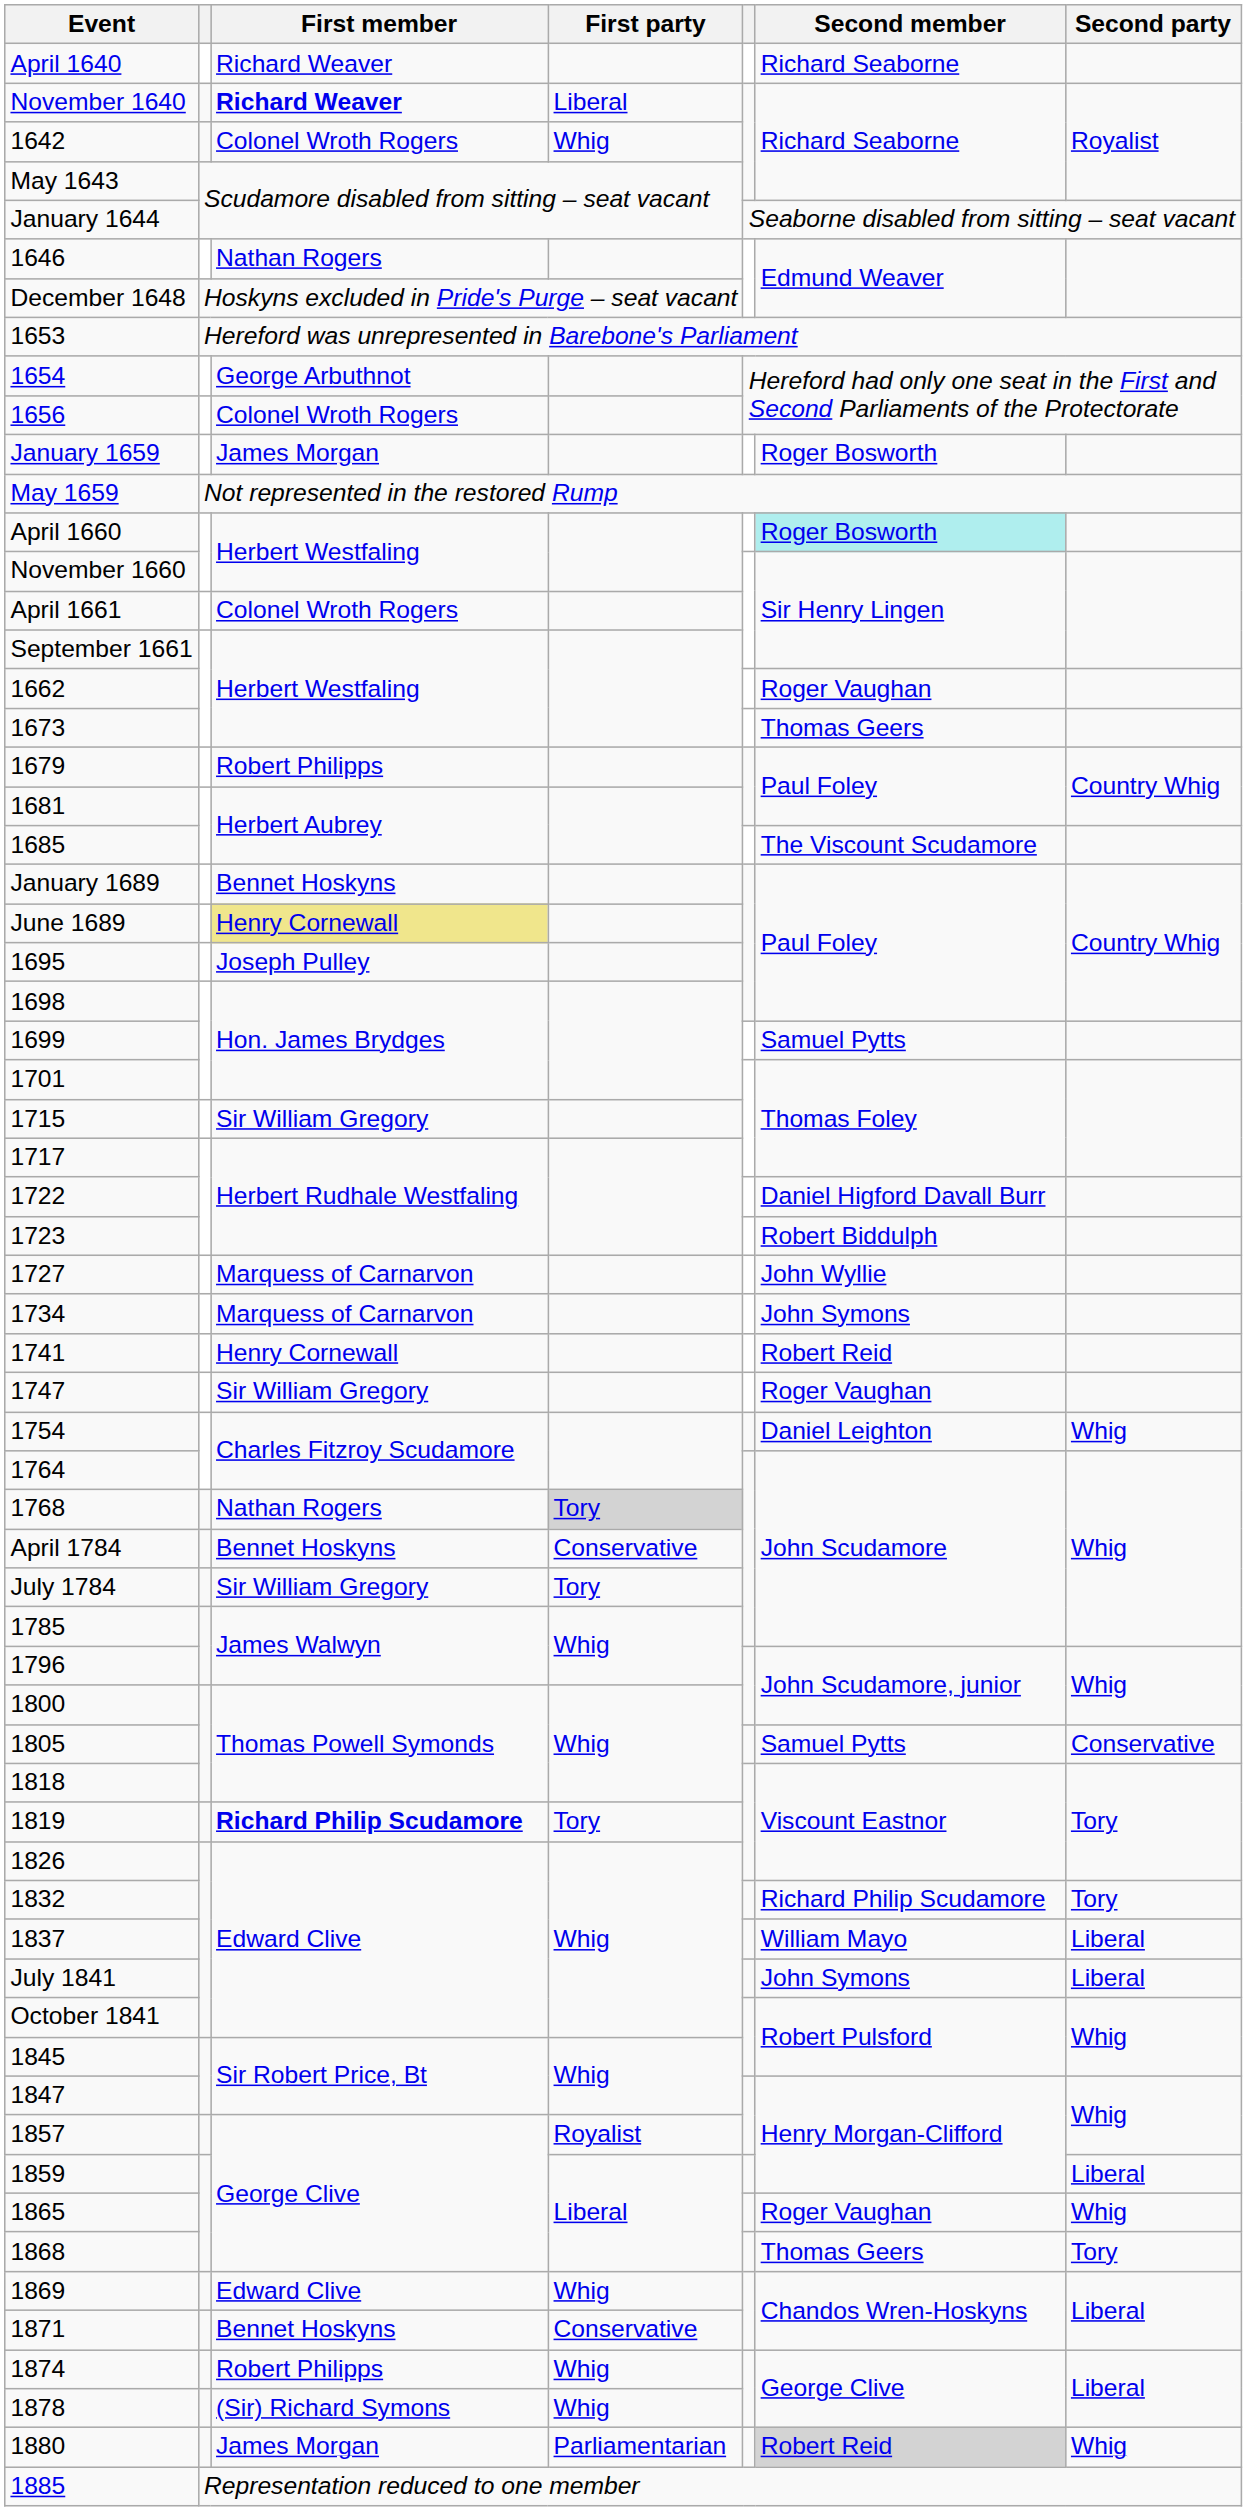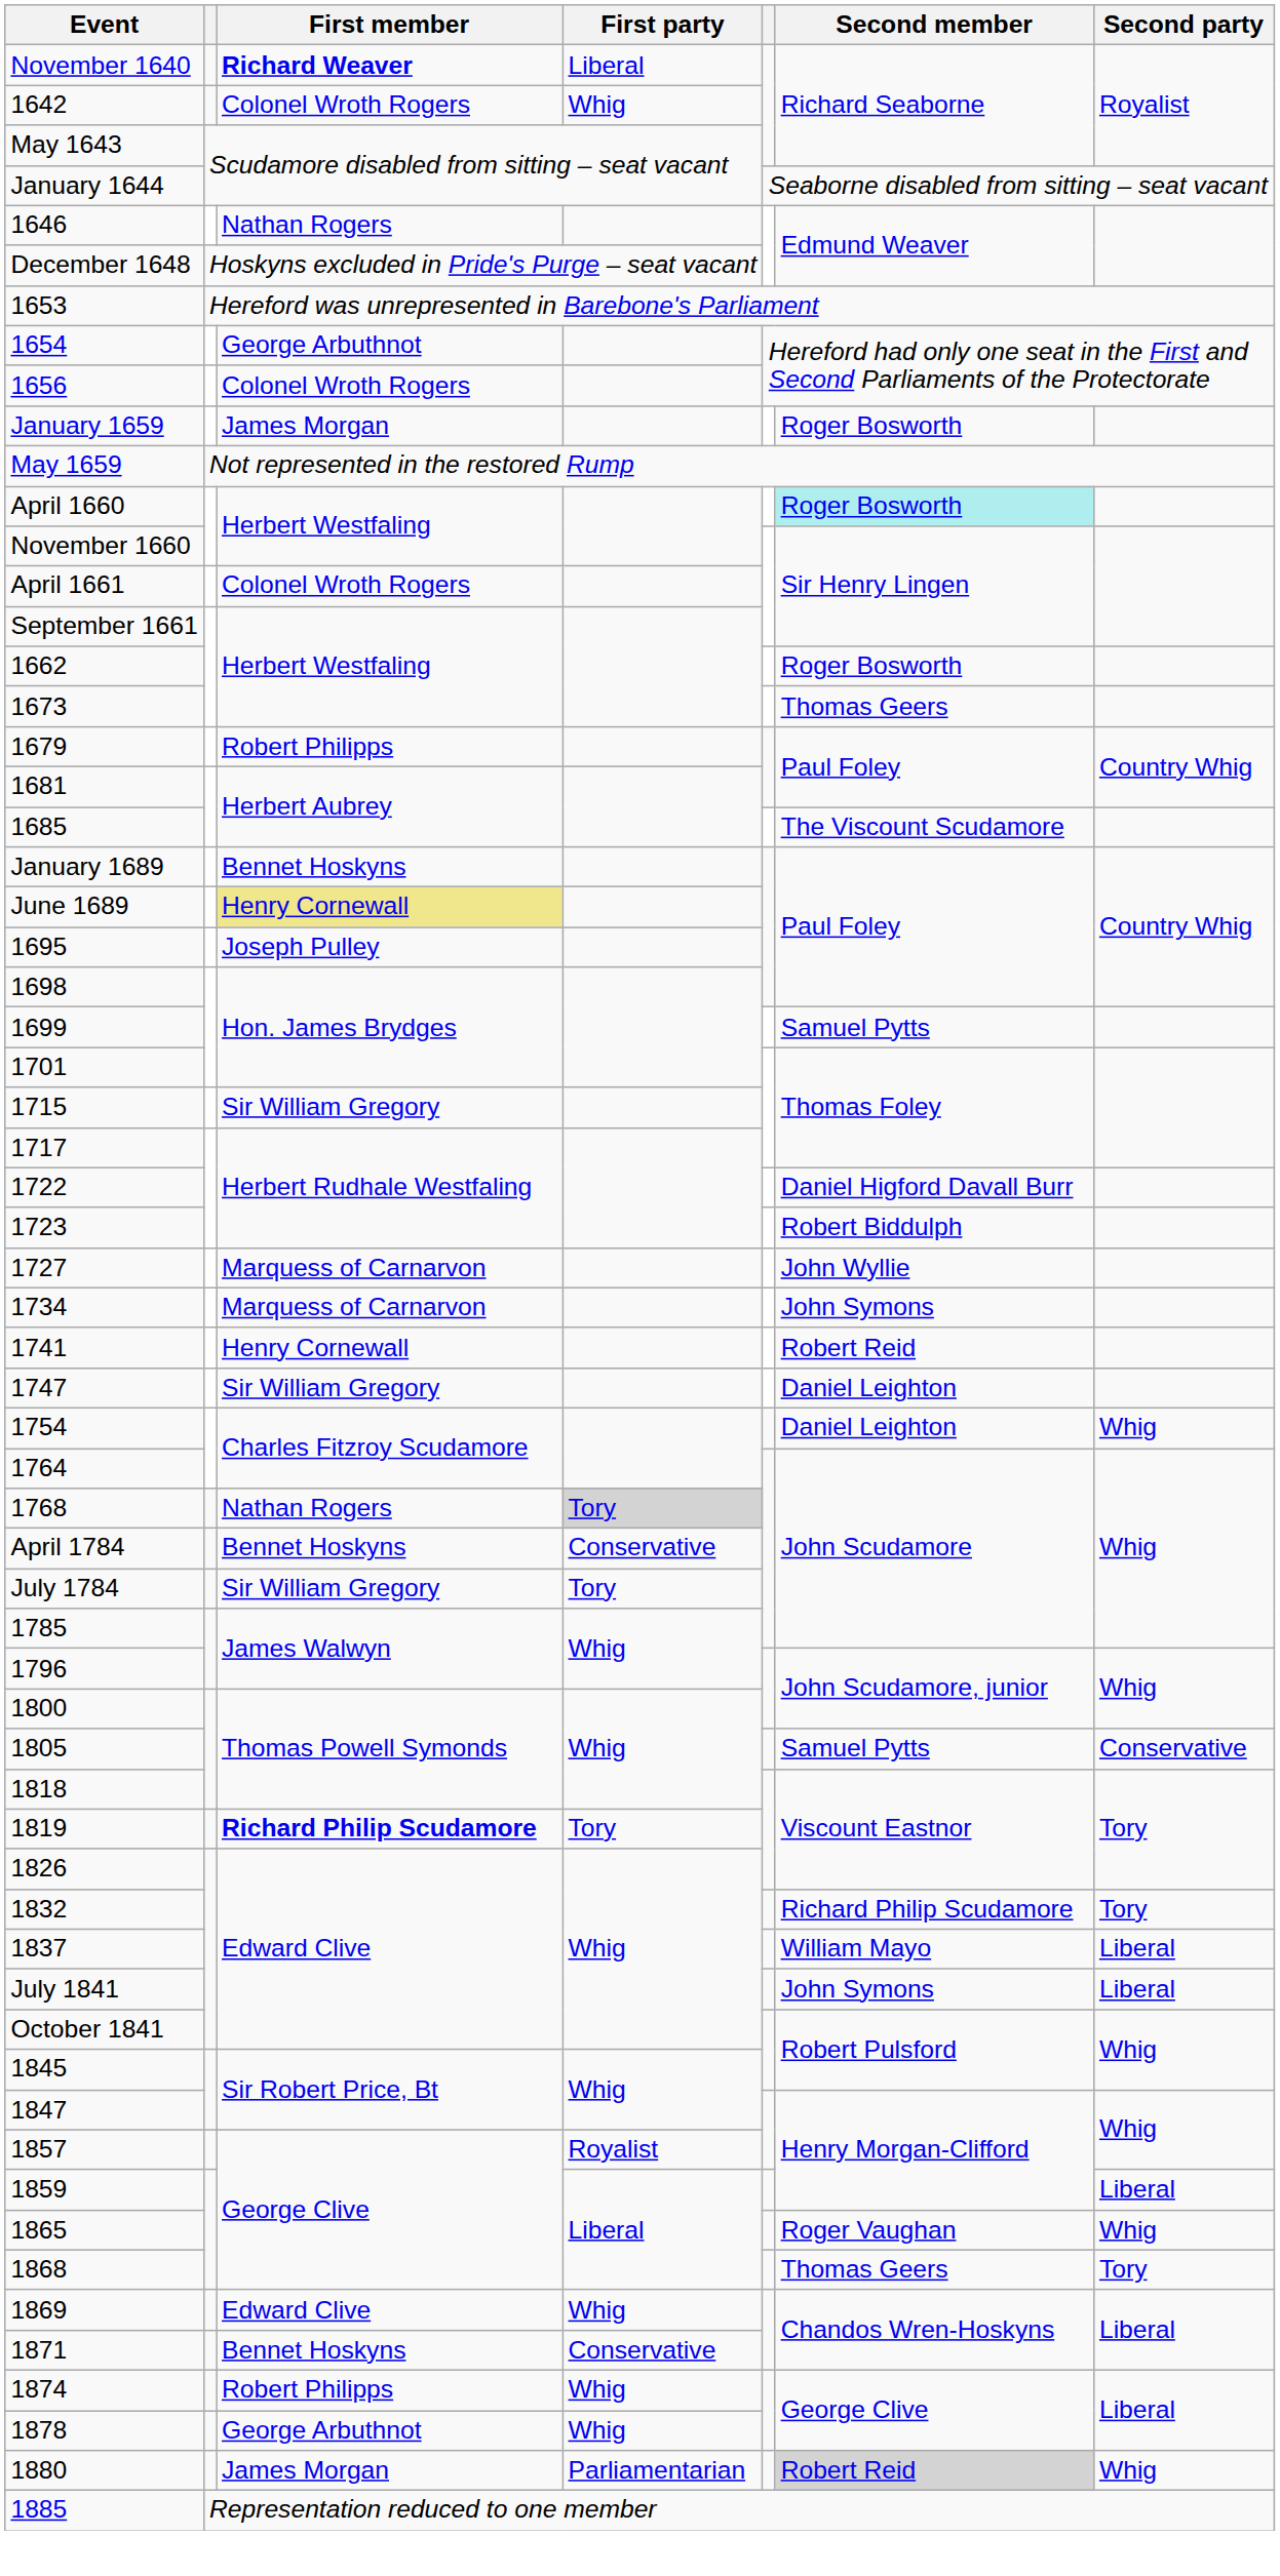 <table class="wikitable">
 <tr>
 <th>Event</th>
 <th></th>
 <th>First member</th>
 <th>First party</th>
 <th></th>
 <th>Second member</th>
 <th>Second party</th>
-</tr>
-<tr>
-<td><a href='#'>April 1640</a></td>
-<td style="color:inherit;background-color: white"></td>
-<td><a href='#'>Richard Weaver</a></td>
-<td></td>
-<td style="color:inherit;background-color: white"></td>
-<td><a href='#'>Richard Seaborne</a></td>
-<td></td>
 </tr>
 <tr>
 <td><a href='#'>November 1640</a></td>
 <td style="color:inherit;background-color: "></td>
 <td><strong><a href='#'>Richard Weaver</a></strong></td>
 <td><a href='#'>Liberal</a></td>
 <td rowspan="3" style="color:inherit;background-color: "></td>
 <td rowspan="3"><a href='#'>Richard Seaborne</a></td>
 <td rowspan="3"><a href='#'>Royalist</a></td>
 </tr>
 <tr>
 <td>1642</td>
 <td style="color:inherit;background-color: "></td>
 <td><a href='#'>Colonel Wroth Rogers</a></td>
 <td><a href='#'>Whig</a></td>
 </tr>
 <tr>
 <td>May 1643</td>
 <td rowspan="2" colspan="3"><em>Scudamore disabled from sitting – seat vacant</em></td>
 </tr>
 <tr>
 <td>January 1644</td>
 <td colspan="3"><em>Seaborne disabled from sitting – seat vacant</em></td>
 </tr>
 <tr>
 <td>1646</td>
 <td style="color:inherit;background-color: white"></td>
 <td><a href='#'>Nathan Rogers</a></td>
 <td></td>
 <td rowspan="2" style="color:inherit;background-color: white"></td>
 <td rowspan="2"><a href='#'>Edmund Weaver</a></td>
 <td rowspan="2"></td>
 </tr>
 <tr>
 <td>December 1648</td>
 <td colspan="3"><em>Hoskyns excluded in <a href='#'>Pride's Purge</a> – seat vacant</em></td>
 </tr>
 <tr>
 <td>1653</td>
 <td colspan="6"><em>Hereford was unrepresented in <a href='#'>Barebone's Parliament</a></em></td>
 </tr>
 <tr>
 <td><a href='#'>1654</a></td>
 <td style="color:inherit;background-color: white"></td>
 <td><a href='#'>George Arbuthnot</a></td>
 <td></td>
 <td rowspan="2" colspan="3"><em>Hereford had only one seat in the <a href='#'>First</a> and <br><a href='#'>Second</a> Parliaments of the Protectorate</em></td>
 </tr>
 <tr>
 <td><a href='#'>1656</a></td>
 <td style="color:inherit;background-color: white"></td>
 <td><a href='#'>Colonel Wroth Rogers</a></td>
 <td></td>
 </tr>
 <tr>
 <td><a href='#'>January 1659</a></td>
 <td style="color:inherit;background-color: white"></td>
 <td><a href='#'>James Morgan</a></td>
 <td></td>
 <td style="color:inherit;background-color: white"></td>
 <td><a href='#'>Roger Bosworth</a></td>
 <td></td>
 </tr>
 <tr>
 <td><a href='#'>May 1659</a></td>
 <td colspan="6"><em>Not represented in the restored <a href='#'>Rump</a></em></td>
 </tr>
 <tr>
 <td>April 1660</td>
 <td rowspan="2" style="color:inherit;background-color: white"></td>
 <td rowspan="2"><a href='#'>Herbert Westfaling</a></td>
 <td rowspan="2"></td>
 <td style="color:inherit;background-color: white"></td>
 <td style="background: paleturquoise;"><a href='#'>Roger Bosworth</a></td>
 <td></td>
 </tr>
 <tr>
 <td>November 1660</td>
 <td rowspan="3" style="color:inherit;background-color: white"></td>
 <td rowspan="3"><a href='#'>Sir Henry Lingen</a></td>
 <td rowspan="3"></td>
 </tr>
 <tr>
 <td>April 1661</td>
 <td style="color:inherit;background-color: white"></td>
 <td><a href='#'>Colonel Wroth Rogers</a></td>
 <td></td>
 </tr>
 <tr>
 <td>September 1661</td>
 <td rowspan="3" style="color:inherit;background-color: white"></td>
 <td rowspan="3"><a href='#'>Herbert Westfaling</a></td>
 <td rowspan="3"></td>
 </tr>
 <tr>
 <td>1662</td>
 <td style="color:inherit;background-color: white"></td>
-<td><a href='#'>Roger Vaughan</a></td>
+<td><a href='#'>Roger Bosworth</a></td>
 <td></td>
 </tr>
 <tr>
 <td>1673</td>
 <td style="color:inherit;background-color: white"></td>
 <td><a href='#'>Thomas Geers</a></td>
 <td></td>
 </tr>
 <tr>
 <td>1679</td>
 <td style="color:inherit;background-color: white"></td>
 <td><a href='#'>Robert Philipps</a></td>
 <td></td>
 <td rowspan="2" style="color:inherit;background-color: "></td>
 <td rowspan="2"><a href='#'>Paul Foley</a></td>
 <td rowspan="2"><a href='#'>Country Whig</a></td>
 </tr>
 <tr>
 <td>1681</td>
 <td rowspan="2" style="color:inherit;background-color: white"></td>
 <td rowspan="2"><a href='#'>Herbert Aubrey</a></td>
 <td rowspan="2"></td>
 </tr>
 <tr>
 <td>1685</td>
 <td style="color:inherit;background-color: white"></td>
 <td><a href='#'>The Viscount Scudamore</a></td>
 <td></td>
 </tr>
 <tr>
 <td>January 1689</td>
 <td style="color:inherit;background-color: white"></td>
 <td><a href='#'>Bennet Hoskyns</a></td>
 <td></td>
 <td rowspan="4" style="color:inherit;background-color: "></td>
 <td rowspan="4"><a href='#'>Paul Foley</a></td>
 <td rowspan="4"><a href='#'>Country Whig</a></td>
 </tr>
 <tr>
 <td>June 1689</td>
 <td style="color:inherit;background-color: white"></td>
 <td style="background: khaki;"><a href='#'>Henry Cornewall</a></td>
 <td></td>
 </tr>
 <tr>
 <td>1695</td>
 <td style="color:inherit;background-color: white"></td>
 <td><a href='#'>Joseph Pulley</a></td>
 <td></td>
 </tr>
 <tr>
 <td>1698</td>
 <td rowspan="3" style="color:inherit;background-color: white"></td>
 <td rowspan="3"><a href='#'>Hon. James Brydges</a></td>
 <td rowspan="3"></td>
 </tr>
 <tr>
 <td>1699</td>
 <td style="color:inherit;background-color: white"></td>
 <td><a href='#'>Samuel Pytts</a></td>
 <td></td>
 </tr>
 <tr>
 <td>1701</td>
 <td rowspan="3" style="color:inherit;background-color: white"></td>
 <td rowspan="3"><a href='#'>Thomas Foley</a></td>
 <td rowspan="3"></td>
 </tr>
 <tr>
 <td>1715</td>
 <td style="color:inherit;background-color: white"></td>
 <td><a href='#'>Sir William Gregory</a></td>
 <td></td>
 </tr>
 <tr>
 <td>1717</td>
 <td rowspan="3" style="color:inherit;background-color: white"></td>
 <td rowspan="3"><a href='#'>Herbert Rudhale Westfaling</a></td>
 <td rowspan="3"></td>
 </tr>
 <tr>
 <td>1722</td>
 <td style="color:inherit;background-color: white"></td>
 <td><a href='#'>Daniel Higford Davall Burr</a></td>
 <td></td>
 </tr>
 <tr>
 <td>1723</td>
 <td style="color:inherit;background-color: white"></td>
 <td><a href='#'>Robert Biddulph</a></td>
 <td></td>
 </tr>
 <tr>
 <td>1727</td>
 <td style="color:inherit;background-color: white"></td>
 <td><a href='#'>Marquess of Carnarvon</a></td>
 <td></td>
 <td style="color:inherit;background-color: white"></td>
 <td><a href='#'>John Wyllie</a></td>
 <td></td>
 </tr>
 <tr>
 <td>1734</td>
 <td style="color:inherit;background-color: white"></td>
 <td><a href='#'>Marquess of Carnarvon</a></td>
 <td></td>
 <td style="color:inherit;background-color: white"></td>
 <td><a href='#'>John Symons</a></td>
 <td></td>
 </tr>
 <tr>
 <td>1741</td>
 <td style="color:inherit;background-color: white"></td>
 <td><a href='#'>Henry Cornewall</a></td>
 <td></td>
 <td style="color:inherit;background-color: white"></td>
 <td><a href='#'>Robert Reid</a></td>
 <td></td>
 </tr>
 <tr>
 <td>1747</td>
 <td style="color:inherit;background-color: white"></td>
 <td><a href='#'>Sir William Gregory</a></td>
 <td></td>
 <td style="color:inherit;background-color: white"></td>
-<td><a href='#'>Roger Vaughan</a></td>
+<td><a href='#'>Daniel Leighton</a></td>
 <td></td>
 </tr>
 <tr>
 <td>1754</td>
 <td rowspan="2" style="color:inherit;background-color: white"></td>
 <td rowspan="2"><a href='#'>Charles Fitzroy Scudamore</a></td>
 <td rowspan="2"></td>
 <td style="color:inherit;background-color: "></td>
 <td><a href='#'>Daniel Leighton</a></td>
 <td><a href='#'>Whig</a></td>
 </tr>
 <tr>
 <td>1764</td>
 <td rowspan="5" style="color:inherit;background-color: "></td>
 <td rowspan="5"><a href='#'>John Scudamore</a></td>
 <td rowspan="5"><a href='#'>Whig</a></td>
 </tr>
 <tr>
 <td>1768</td>
 <td style="color:inherit;background-color: "></td>
 <td><a href='#'>Nathan Rogers</a></td>
 <td style="background: lightgrey;"><a href='#'>Tory</a></td>
 </tr>
 <tr>
 <td>April 1784</td>
 <td style="color:inherit;background-color: "></td>
 <td><a href='#'>Bennet Hoskyns</a></td>
 <td><a href='#'>Conservative</a></td>
 </tr>
 <tr>
 <td>July 1784</td>
 <td style="color:inherit;background-color: "></td>
 <td><a href='#'>Sir William Gregory</a></td>
 <td><a href='#'>Tory</a></td>
 </tr>
 <tr>
 <td>1785</td>
 <td rowspan="2" style="color:inherit;background-color: "></td>
 <td rowspan="2"><a href='#'>James Walwyn</a></td>
 <td rowspan="2"><a href='#'>Whig</a></td>
 </tr>
 <tr>
 <td>1796</td>
 <td rowspan="2" style="color:inherit;background-color: "></td>
 <td rowspan="2"><a href='#'>John Scudamore, junior</a></td>
 <td rowspan="2"><a href='#'>Whig</a></td>
 </tr>
 <tr>
 <td>1800</td>
 <td rowspan="3" style="color:inherit;background-color: "></td>
 <td rowspan="3"><a href='#'>Thomas Powell Symonds</a></td>
 <td rowspan="3"><a href='#'>Whig</a></td>
 </tr>
 <tr>
 <td>1805</td>
 <td style="color:inherit;background-color: "></td>
 <td><a href='#'>Samuel Pytts</a></td>
 <td><a href='#'>Conservative</a></td>
 </tr>
 <tr>
 <td>1818</td>
 <td rowspan="3" style="color:inherit;background-color: "></td>
 <td rowspan="3"><a href='#'>Viscount Eastnor</a></td>
 <td rowspan="3"><a href='#'>Tory</a></td>
 </tr>
 <tr>
 <td>1819</td>
 <td style="color:inherit;background-color: "></td>
 <td><strong><a href='#'>Richard Philip Scudamore</a></strong></td>
 <td><a href='#'>Tory</a></td>
 </tr>
 <tr>
 <td>1826</td>
 <td rowspan="5" style="color:inherit;background-color: "></td>
 <td rowspan="5"><a href='#'>Edward Clive</a></td>
 <td rowspan="5"><a href='#'>Whig</a></td>
 </tr>
 <tr>
 <td>1832</td>
 <td style="color:inherit;background-color: "></td>
 <td><a href='#'>Richard Philip Scudamore</a></td>
 <td><a href='#'>Tory</a></td>
 </tr>
 <tr>
 <td>1837</td>
 <td style="color:inherit;background-color: "></td>
 <td><a href='#'>William Mayo</a></td>
 <td><a href='#'>Liberal</a></td>
 </tr>
 <tr>
 <td>July 1841</td>
 <td style="color:inherit;background-color: "></td>
 <td><a href='#'>John Symons</a></td>
 <td><a href='#'>Liberal</a></td>
 </tr>
 <tr>
 <td>October 1841</td>
 <td rowspan="2" style="color:inherit;background-color: "></td>
 <td rowspan="2"><a href='#'>Robert Pulsford</a></td>
 <td rowspan="2"><a href='#'>Whig</a></td>
 </tr>
 <tr>
 <td>1845</td>
 <td rowspan="2" style="color:inherit;background-color: "></td>
 <td rowspan="2"><a href='#'>Sir Robert Price, Bt</a></td>
 <td rowspan="2"><a href='#'>Whig</a></td>
 </tr>
 <tr>
 <td>1847</td>
 <td rowspan="2" style="color:inherit;background-color: "></td>
 <td rowspan="3"><a href='#'>Henry Morgan-Clifford</a></td>
 <td rowspan="2"><a href='#'>Whig</a></td>
 </tr>
 <tr>
 <td>1857</td>
 <td style="color:inherit;background-color: "></td>
 <td rowspan="4"><a href='#'>George Clive</a></td>
 <td><a href='#'>Royalist</a></td>
 </tr>
 <tr>
 <td>1859</td>
 <td rowspan="3" style="color:inherit;background-color: "></td>
 <td rowspan="3"><a href='#'>Liberal</a></td>
 <td style="color:inherit;background-color: "></td>
 <td><a href='#'>Liberal</a></td>
 </tr>
 <tr>
 <td>1865</td>
 <td style="color:inherit;background-color: "></td>
 <td><a href='#'>Roger Vaughan</a></td>
 <td><a href='#'>Whig</a></td>
 </tr>
 <tr>
 <td>1868</td>
 <td style="color:inherit;background-color: "></td>
 <td><a href='#'>Thomas Geers</a></td>
 <td><a href='#'>Tory</a></td>
 </tr>
 <tr>
 <td>1869</td>
 <td style="color:inherit;background-color: "></td>
 <td><a href='#'>Edward Clive</a></td>
 <td><a href='#'>Whig</a></td>
 <td rowspan="2" style="color:inherit;background-color: "></td>
 <td rowspan="2"><a href='#'>Chandos Wren-Hoskyns</a></td>
 <td rowspan="2"><a href='#'>Liberal</a></td>
 </tr>
 <tr>
 <td>1871</td>
 <td style="color:inherit;background-color: "></td>
 <td><a href='#'>Bennet Hoskyns</a></td>
 <td><a href='#'>Conservative</a></td>
 </tr>
 <tr>
 <td>1874</td>
 <td style="color:inherit;background-color: "></td>
 <td><a href='#'>Robert Philipps</a></td>
 <td><a href='#'>Whig</a></td>
 <td rowspan="2" style="color:inherit;background-color: "></td>
 <td rowspan="2"><a href='#'>George Clive</a></td>
 <td rowspan="2"><a href='#'>Liberal</a></td>
 </tr>
 <tr>
 <td>1878</td>
 <td style="color:inherit;background-color: "></td>
-<td><a href='#'>(Sir) Richard Symons</a></td>
+<td><a href='#'>George Arbuthnot</a></td>
 <td><a href='#'>Whig</a></td>
 </tr>
 <tr>
 <td>1880</td>
 <td style="color:inherit;background-color: "></td>
 <td><a href='#'>James Morgan</a></td>
 <td><a href='#'>Parliamentarian</a></td>
 <td style="color:inherit;background-color: "></td>
 <td style="background: lightgrey;"><a href='#'>Robert Reid</a></td>
 <td><a href='#'>Whig</a></td>
 </tr>
 <tr>
 <td><a href='#'>1885</a></td>
 <td colspan="6"><em>Representation reduced to one member</em></td>
 </tr>
 </table>
